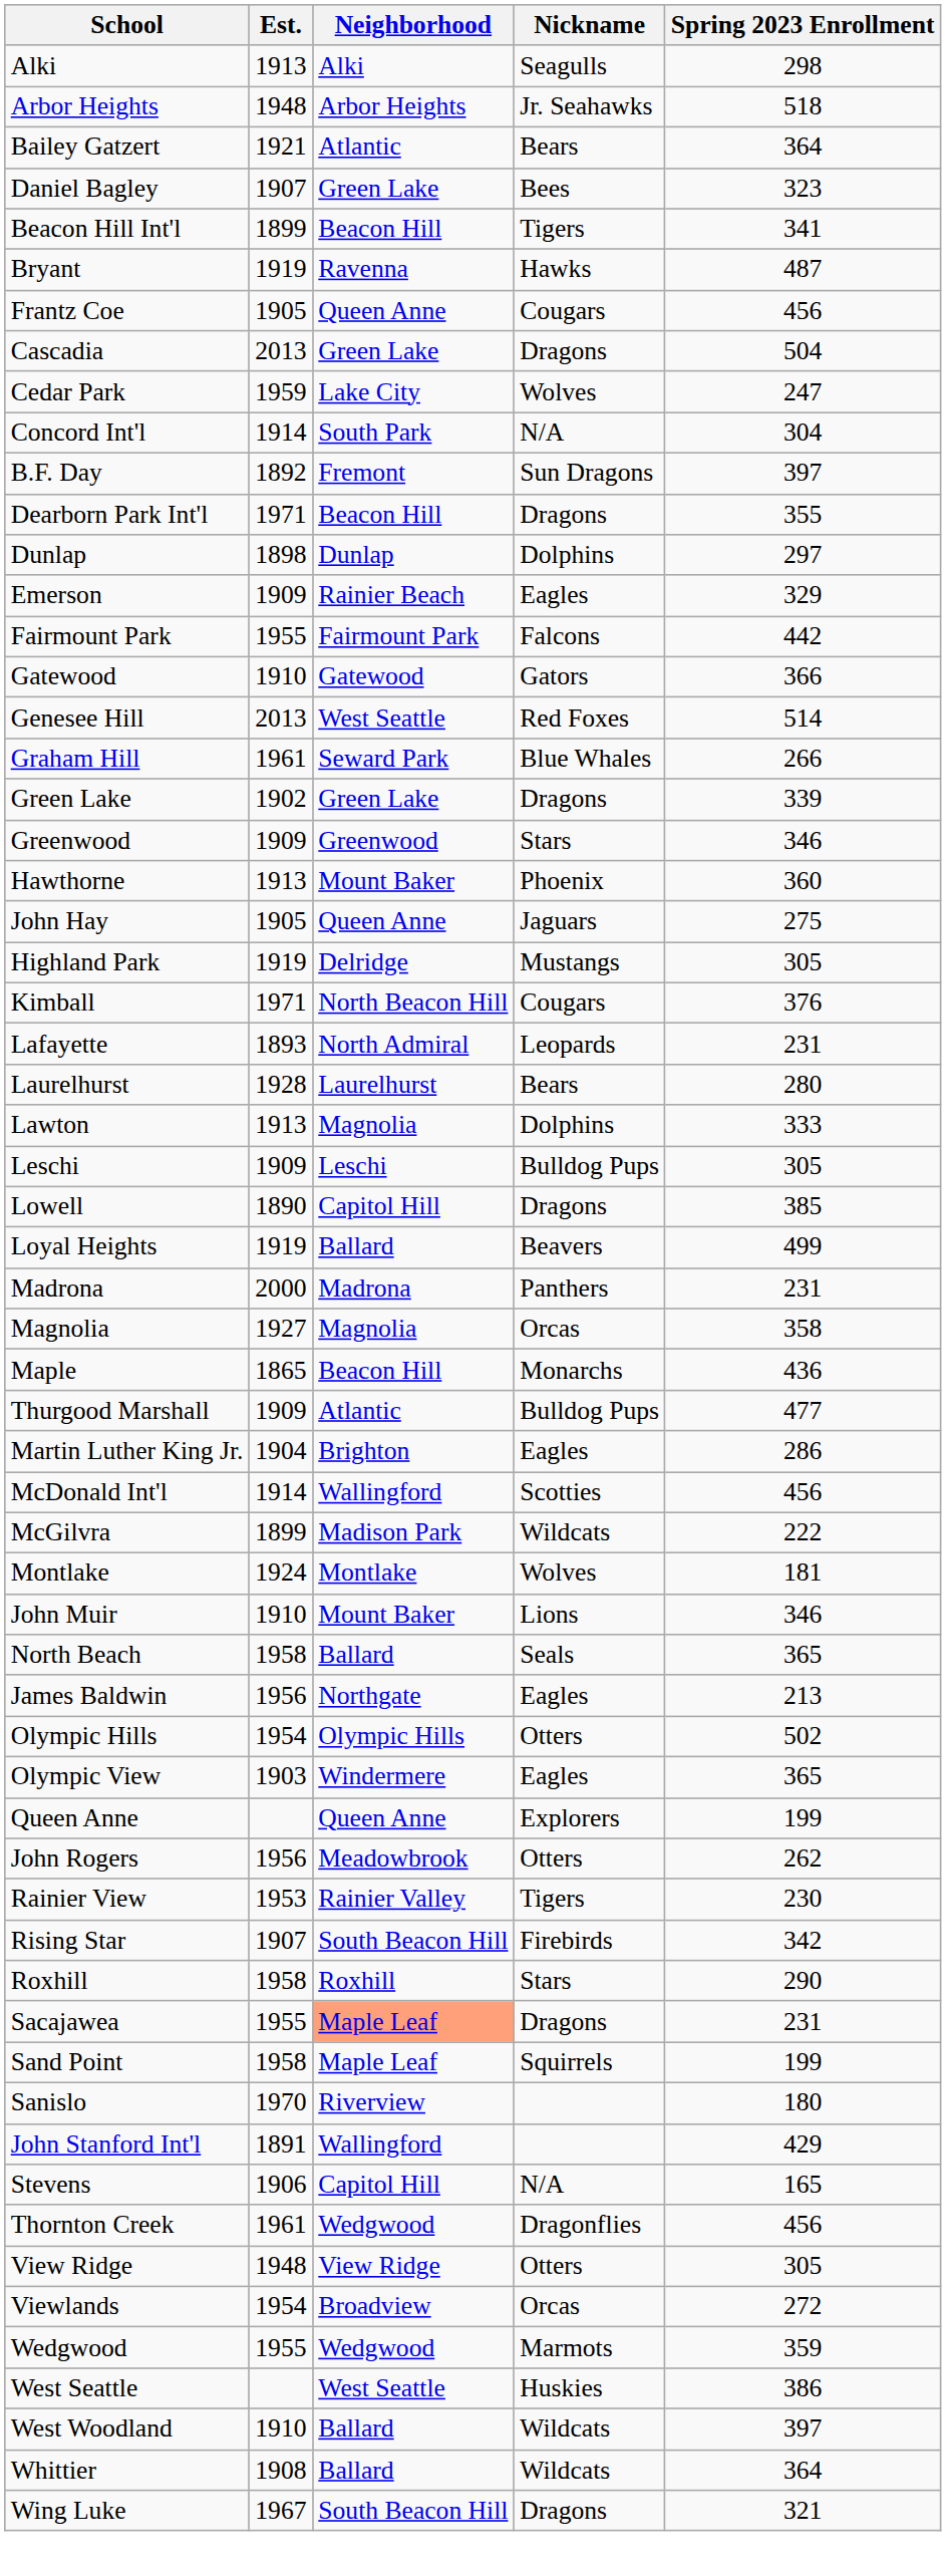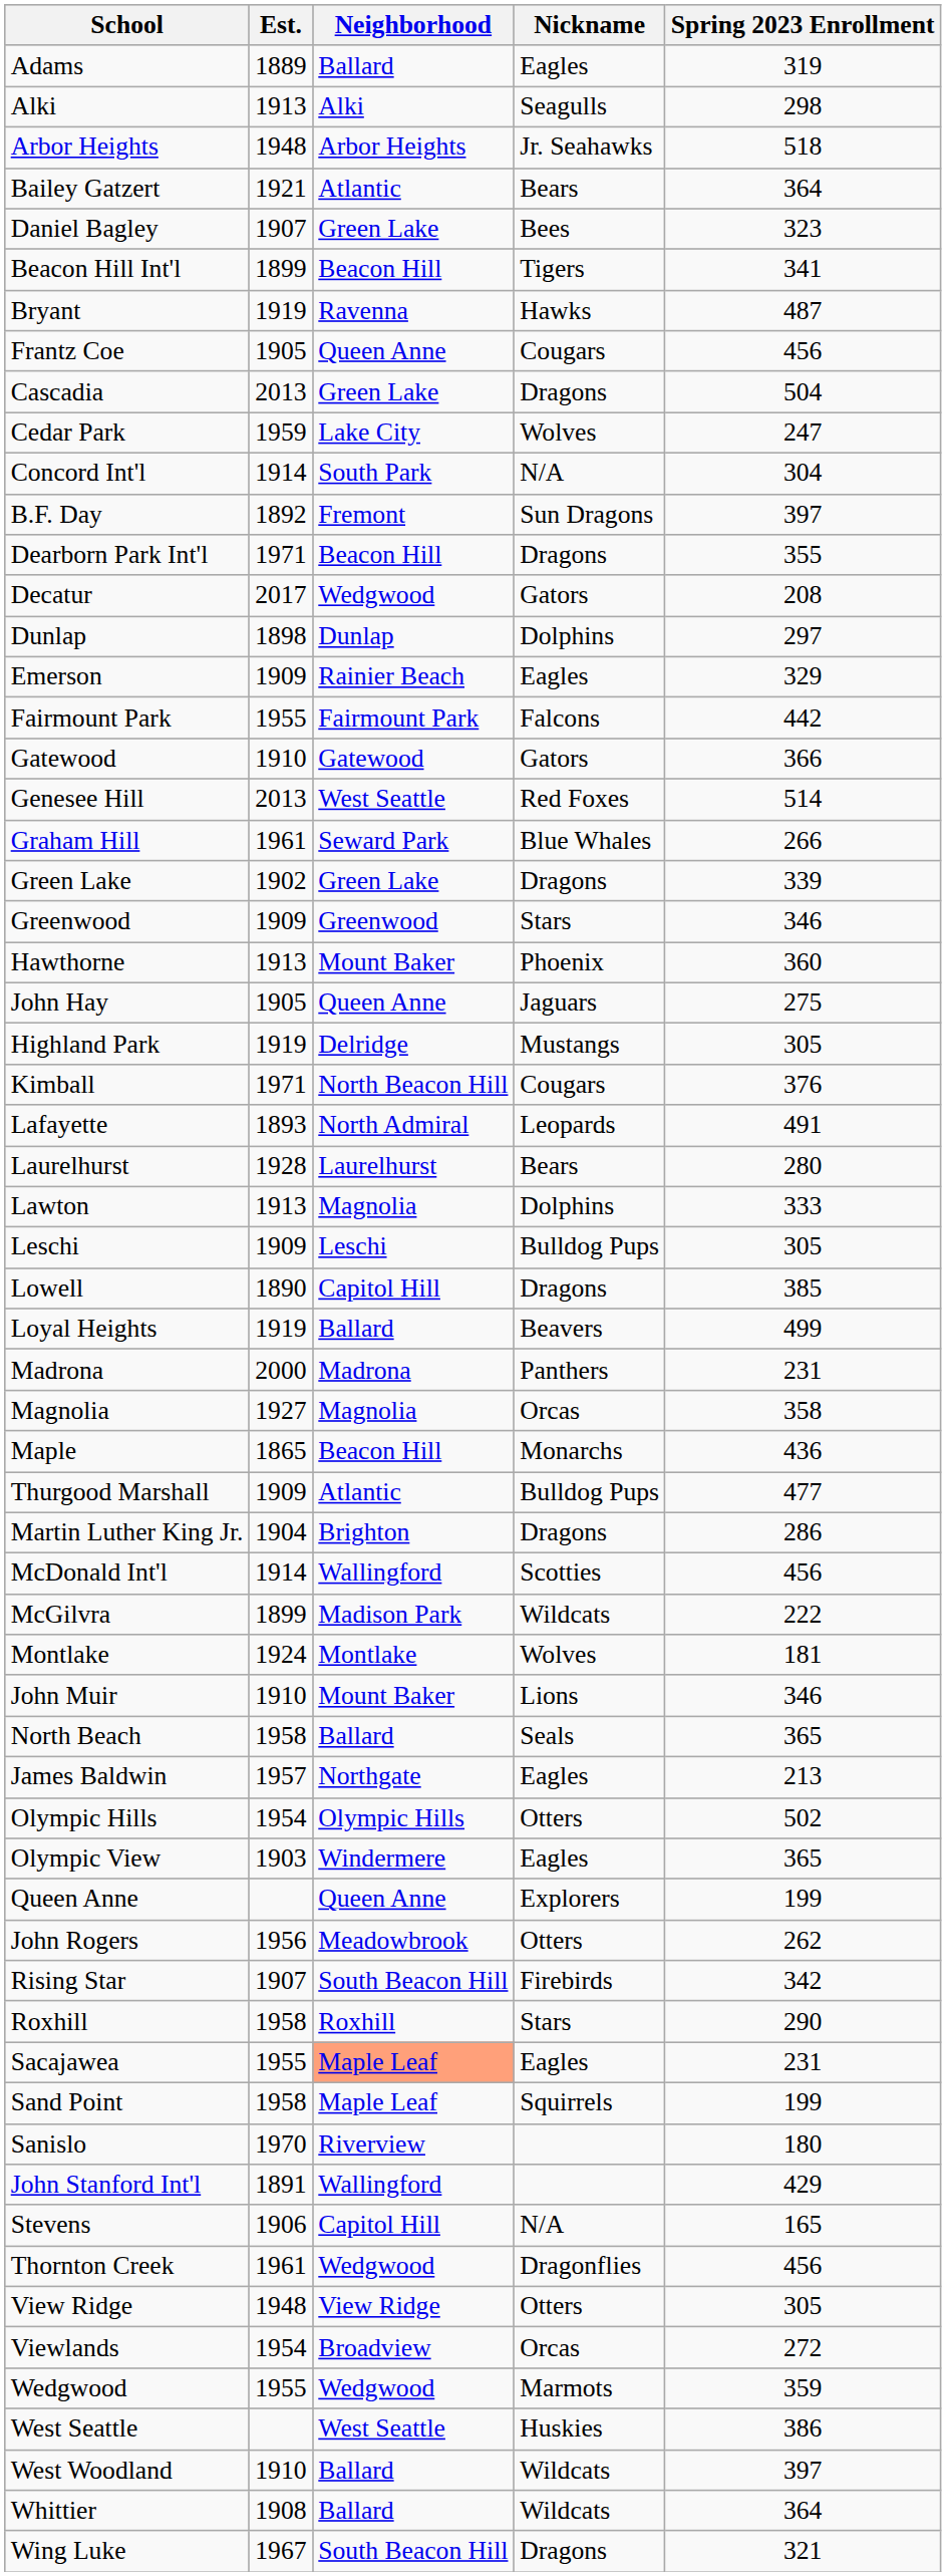 <table class="wikitable sortable">
 <tr>
 <th>School</th>
 <th align="center">Est.</th>
 <th><a href='#'>Neighborhood</a></th>
 <th>Nickname</th>
 <th>Spring 2023 Enrollment</th>
+</tr>
+<tr>
+<td>Adams</td>
+<td align="center">1889</td>
+<td><a href='#'>Ballard</a></td>
+<td>Eagles</td>
+<td align="center">319</td>
 </tr>
 <tr>
 <td>Alki</td>
 <td align="center">1913</td>
 <td><a href='#'>Alki</a></td>
 <td>Seagulls</td>
 <td align="center">298</td>
 </tr>
 <tr>
 <td><a href='#'>Arbor Heights</a></td>
 <td align="center">1948</td>
 <td><a href='#'>Arbor Heights</a></td>
 <td>Jr. Seahawks</td>
 <td align="center">518</td>
 </tr>
 <tr>
 <td>Bailey Gatzert</td>
 <td align="center">1921</td>
 <td><a href='#'>Atlantic</a></td>
 <td>Bears</td>
 <td align="center">364</td>
 </tr>
 <tr>
 <td>Daniel Bagley</td>
 <td align="center">1907</td>
 <td><a href='#'>Green Lake</a></td>
 <td>Bees</td>
 <td align="center">323</td>
 </tr>
 <tr>
 <td>Beacon Hill Int'l</td>
 <td align="center">1899</td>
 <td><a href='#'>Beacon Hill</a></td>
 <td>Tigers</td>
 <td align="center">341</td>
 </tr>
 <tr>
 <td>Bryant</td>
 <td align="center">1919</td>
 <td><a href='#'>Ravenna</a></td>
 <td>Hawks</td>
 <td align="center">487</td>
 </tr>
 <tr>
 <td>Frantz Coe</td>
 <td align="center">1905</td>
 <td><a href='#'>Queen Anne</a></td>
 <td>Cougars</td>
 <td align="center">456</td>
 </tr>
 <tr>
 <td>Cascadia</td>
 <td align="center">2013</td>
 <td><a href='#'>Green Lake</a></td>
 <td>Dragons</td>
 <td align="center">504</td>
 </tr>
 <tr>
 <td>Cedar Park</td>
 <td align="center">1959</td>
 <td><a href='#'>Lake City</a></td>
 <td>Wolves</td>
 <td align="center">247</td>
 </tr>
 <tr>
 <td>Concord Int'l</td>
 <td align="center">1914</td>
 <td><a href='#'>South Park</a></td>
 <td>N/A</td>
 <td align="center">304</td>
 </tr>
 <tr>
 <td>B.F. Day</td>
 <td align="center">1892</td>
 <td><a href='#'>Fremont</a></td>
 <td>Sun Dragons</td>
 <td align="center">397</td>
 </tr>
 <tr>
 <td>Dearborn Park Int'l</td>
 <td align="center">1971</td>
 <td><a href='#'>Beacon Hill</a></td>
 <td>Dragons</td>
 <td align="center">355</td>
+</tr>
+<tr>
+<td>Decatur</td>
+<td align="center">2017</td>
+<td><a href='#'>Wedgwood</a></td>
+<td>Gators</td>
+<td align="center">208</td>
 </tr>
 <tr>
 <td>Dunlap</td>
 <td align="center">1898</td>
 <td><a href='#'>Dunlap</a></td>
 <td>Dolphins</td>
 <td align="center">297</td>
 </tr>
 <tr>
 <td>Emerson</td>
 <td align="center">1909</td>
 <td><a href='#'>Rainier Beach</a></td>
 <td>Eagles</td>
 <td align="center">329</td>
 </tr>
 <tr>
 <td>Fairmount Park</td>
 <td align="center">1955</td>
 <td><a href='#'>Fairmount Park</a></td>
 <td>Falcons</td>
 <td align="center">442</td>
 </tr>
 <tr>
 <td>Gatewood</td>
 <td align="center">1910</td>
 <td><a href='#'>Gatewood</a></td>
 <td>Gators</td>
 <td align="center">366</td>
 </tr>
 <tr>
 <td>Genesee Hill</td>
 <td align="center">2013</td>
 <td><a href='#'>West Seattle</a></td>
 <td>Red Foxes</td>
 <td align="center">514</td>
 </tr>
 <tr>
 <td><a href='#'>Graham Hill</a></td>
 <td align="center">1961</td>
 <td><a href='#'>Seward Park</a></td>
 <td>Blue Whales</td>
 <td align="center">266</td>
 </tr>
 <tr>
 <td>Green Lake</td>
 <td align="center">1902</td>
 <td><a href='#'>Green Lake</a></td>
 <td>Dragons</td>
 <td align="center">339</td>
 </tr>
 <tr>
 <td>Greenwood</td>
 <td align="center">1909</td>
 <td><a href='#'>Greenwood</a></td>
 <td>Stars</td>
 <td align="center">346</td>
 </tr>
 <tr>
 <td>Hawthorne</td>
 <td align="center">1913</td>
 <td><a href='#'>Mount Baker</a></td>
 <td>Phoenix</td>
 <td align="center">360</td>
 </tr>
 <tr>
 <td>John Hay</td>
 <td align="center">1905</td>
 <td><a href='#'>Queen Anne</a></td>
 <td>Jaguars</td>
 <td align="center">275</td>
 </tr>
 <tr>
 <td>Highland Park</td>
 <td align="center">1919</td>
 <td><a href='#'>Delridge</a></td>
 <td>Mustangs</td>
 <td align="center">305</td>
 </tr>
 <tr>
 <td>Kimball</td>
 <td align="center">1971</td>
 <td><a href='#'>North Beacon Hill</a></td>
 <td>Cougars</td>
 <td align="center">376</td>
 </tr>
 <tr>
 <td>Lafayette</td>
 <td align="center">1893</td>
 <td><a href='#'>North Admiral</a></td>
 <td>Leopards</td>
-<td align="center">231</td>
+<td align="center">491</td>
 </tr>
 <tr>
 <td>Laurelhurst</td>
 <td align="center">1928</td>
 <td><a href='#'>Laurelhurst</a></td>
 <td>Bears</td>
 <td align="center">280</td>
 </tr>
 <tr>
 <td>Lawton</td>
 <td align="center">1913</td>
 <td><a href='#'>Magnolia</a></td>
 <td>Dolphins</td>
 <td align="center">333</td>
 </tr>
 <tr>
 <td>Leschi</td>
 <td align="center">1909</td>
 <td><a href='#'>Leschi</a></td>
 <td>Bulldog Pups</td>
 <td align="center">305</td>
 </tr>
 <tr>
 <td>Lowell</td>
 <td align="center">1890</td>
 <td><a href='#'>Capitol Hill</a></td>
 <td>Dragons</td>
 <td align="center">385</td>
 </tr>
 <tr>
 <td>Loyal Heights</td>
 <td align="center">1919</td>
 <td><a href='#'>Ballard</a></td>
 <td>Beavers</td>
 <td align="center">499</td>
 </tr>
 <tr>
 <td>Madrona</td>
 <td align="center">2000</td>
 <td><a href='#'>Madrona</a></td>
 <td>Panthers</td>
 <td align="center">231</td>
 </tr>
 <tr>
 <td>Magnolia</td>
 <td align="center">1927</td>
 <td><a href='#'>Magnolia</a></td>
 <td>Orcas</td>
 <td align="center">358</td>
 </tr>
 <tr>
 <td>Maple</td>
 <td align="center">1865</td>
 <td><a href='#'>Beacon Hill</a></td>
 <td>Monarchs</td>
 <td align="center">436</td>
 </tr>
 <tr>
 <td>Thurgood Marshall</td>
 <td align="center">1909</td>
 <td><a href='#'>Atlantic</a></td>
 <td>Bulldog Pups</td>
 <td align="center">477</td>
 </tr>
 <tr>
 <td>Martin Luther King Jr.</td>
 <td align="center">1904</td>
 <td><a href='#'>Brighton</a></td>
-<td>Eagles</td>
+<td>Dragons</td>
 <td align="center">286</td>
 </tr>
 <tr>
 <td>McDonald Int'l</td>
 <td align="center">1914</td>
 <td><a href='#'>Wallingford</a></td>
 <td>Scotties</td>
 <td align="center">456</td>
 </tr>
 <tr>
 <td>McGilvra</td>
 <td align="center">1899</td>
 <td><a href='#'>Madison Park</a></td>
 <td>Wildcats</td>
 <td align="center">222</td>
 </tr>
 <tr>
 <td>Montlake</td>
 <td align="center">1924</td>
 <td><a href='#'>Montlake</a></td>
 <td>Wolves</td>
 <td align="center">181</td>
 </tr>
 <tr>
 <td>John Muir</td>
 <td align="center">1910</td>
 <td><a href='#'>Mount Baker</a></td>
 <td>Lions</td>
 <td align="center">346</td>
 </tr>
 <tr>
 <td>North Beach</td>
 <td align="center">1958</td>
 <td><a href='#'>Ballard</a></td>
 <td>Seals</td>
 <td align="center">365</td>
 </tr>
 <tr>
 <td>James Baldwin</td>
-<td align="center">1956</td>
+<td align="center">1957</td>
 <td><a href='#'>Northgate</a></td>
 <td>Eagles</td>
 <td align="center">213</td>
 </tr>
 <tr>
 <td>Olympic Hills</td>
 <td align="center">1954</td>
 <td><a href='#'>Olympic Hills</a></td>
 <td>Otters</td>
 <td align="center">502</td>
 </tr>
 <tr>
 <td>Olympic View</td>
 <td align="center">1903</td>
 <td><a href='#'>Windermere</a></td>
 <td>Eagles</td>
 <td align="center">365</td>
 </tr>
 <tr>
 <td>Queen Anne</td>
 <td align="center"></td>
 <td><a href='#'>Queen Anne</a></td>
 <td>Explorers</td>
 <td align="center">199</td>
 </tr>
 <tr>
 <td>John Rogers</td>
 <td align="center">1956</td>
 <td><a href='#'>Meadowbrook</a></td>
 <td>Otters</td>
 <td align="center">262</td>
 </tr>
 <tr>
-<td>Rainier View</td>
-<td align="center">1953</td>
-<td><a href='#'>Rainier Valley</a></td>
-<td>Tigers</td>
-<td align="center">230</td>
-</tr>
-<tr>
 <td>Rising Star</td>
 <td align="center">1907</td>
 <td><a href='#'>South Beacon Hill</a></td>
 <td>Firebirds</td>
 <td align="center">342</td>
 </tr>
 <tr>
 <td>Roxhill</td>
 <td align="center">1958</td>
 <td><a href='#'>Roxhill</a></td>
 <td>Stars</td>
 <td align="center">290</td>
 </tr>
 <tr>
 <td>Sacajawea</td>
 <td align="center">1955</td>
 <td style="background: lightsalmon;"><a href='#'>Maple Leaf</a></td>
-<td>Dragons</td>
+<td>Eagles</td>
 <td align="center">231</td>
 </tr>
 <tr>
 <td>Sand Point</td>
 <td align="center">1958</td>
 <td><a href='#'>Maple Leaf</a></td>
 <td>Squirrels</td>
 <td align="center">199</td>
 </tr>
 <tr>
 <td>Sanislo</td>
 <td align="center">1970</td>
 <td><a href='#'>Riverview</a></td>
 <td></td>
 <td align="center">180</td>
 </tr>
 <tr>
 <td><a href='#'>John Stanford Int'l</a></td>
 <td align="center">1891</td>
 <td><a href='#'>Wallingford</a></td>
 <td></td>
 <td align="center">429</td>
 </tr>
 <tr>
 <td>Stevens</td>
 <td align="center">1906</td>
 <td><a href='#'>Capitol Hill</a></td>
 <td>N/A</td>
 <td align="center">165</td>
 </tr>
 <tr>
 <td>Thornton Creek</td>
 <td align="center">1961</td>
 <td><a href='#'>Wedgwood</a></td>
 <td>Dragonflies</td>
 <td align="center">456</td>
 </tr>
 <tr>
 <td>View Ridge</td>
 <td align="center">1948</td>
 <td><a href='#'>View Ridge</a></td>
 <td>Otters</td>
 <td align="center">305</td>
 </tr>
 <tr>
 <td>Viewlands</td>
 <td align="center">1954</td>
 <td><a href='#'>Broadview</a></td>
 <td>Orcas</td>
 <td align="center">272</td>
 </tr>
 <tr>
 <td>Wedgwood</td>
 <td align="center">1955</td>
 <td><a href='#'>Wedgwood</a></td>
 <td>Marmots</td>
 <td align="center">359</td>
 </tr>
 <tr>
 <td>West Seattle</td>
 <td align="center"></td>
 <td><a href='#'>West Seattle</a></td>
 <td>Huskies</td>
 <td align="center">386</td>
 </tr>
 <tr>
 <td>West Woodland</td>
 <td align="center">1910</td>
 <td><a href='#'>Ballard</a></td>
 <td>Wildcats</td>
 <td align="center">397</td>
 </tr>
 <tr>
 <td>Whittier</td>
 <td align="center">1908</td>
 <td><a href='#'>Ballard</a></td>
 <td>Wildcats</td>
 <td align="center">364</td>
 </tr>
 <tr>
 <td>Wing Luke</td>
 <td align="center">1967</td>
 <td><a href='#'>South Beacon Hill</a></td>
 <td>Dragons</td>
 <td align="center">321</td>
 </tr>
 </table>
